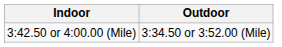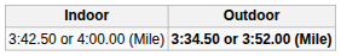 <table class="wikitable" border="1" align="upright">
 <tr>
 <th>Indoor</th>
 <th>Outdoor</th>
 </tr>
 <tr>
 <td>3:42.50 or 4:00.00 (Mile)</td>
-<td>3:34.50 or 3:52.00 (Mile)</td>
+<td><strong>3:34.50 or 3:52.00 (Mile)</strong></td>
 </tr>
 </table>
